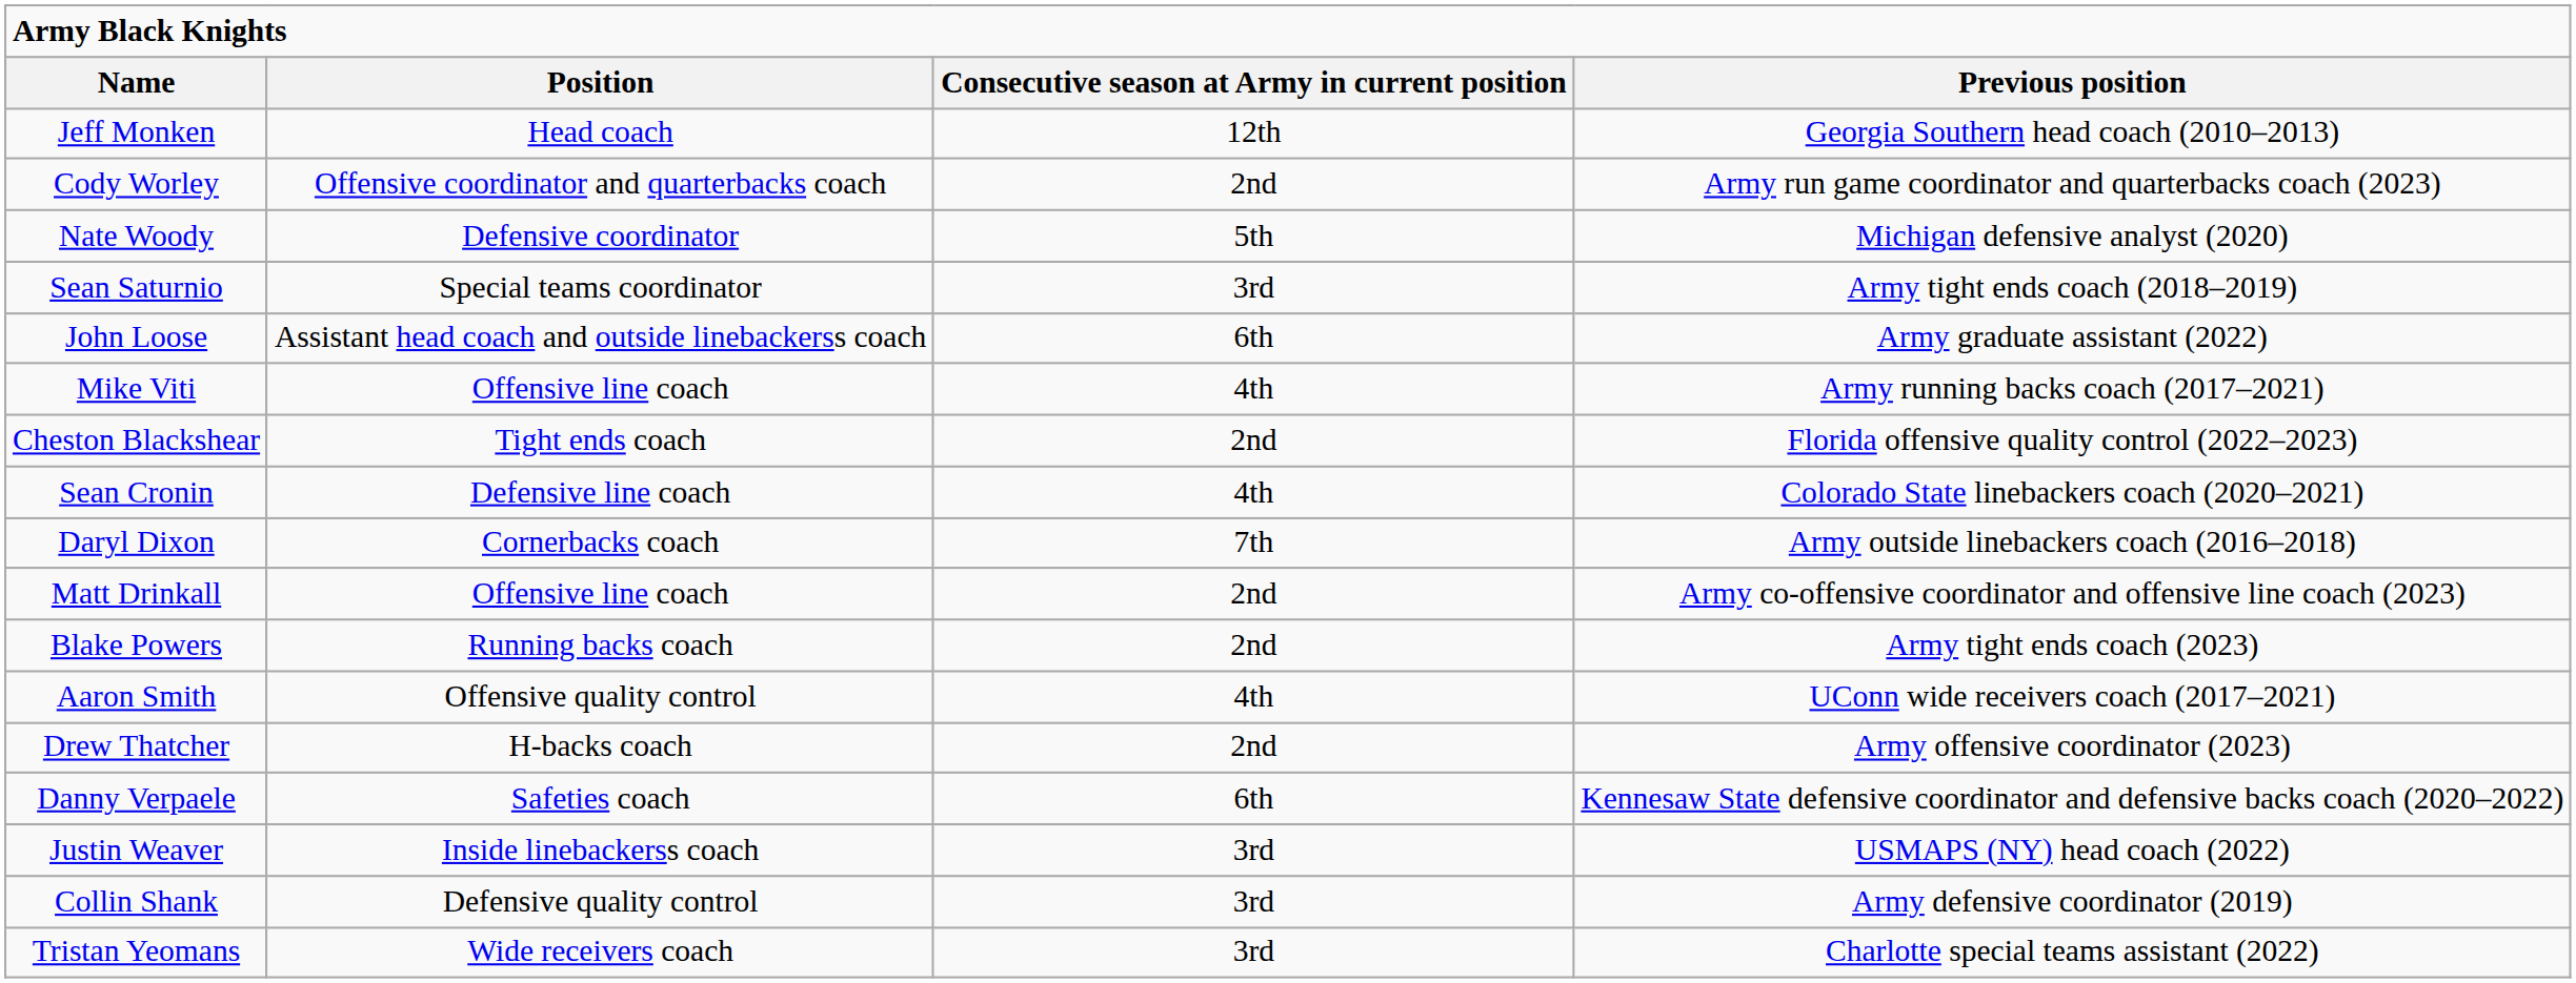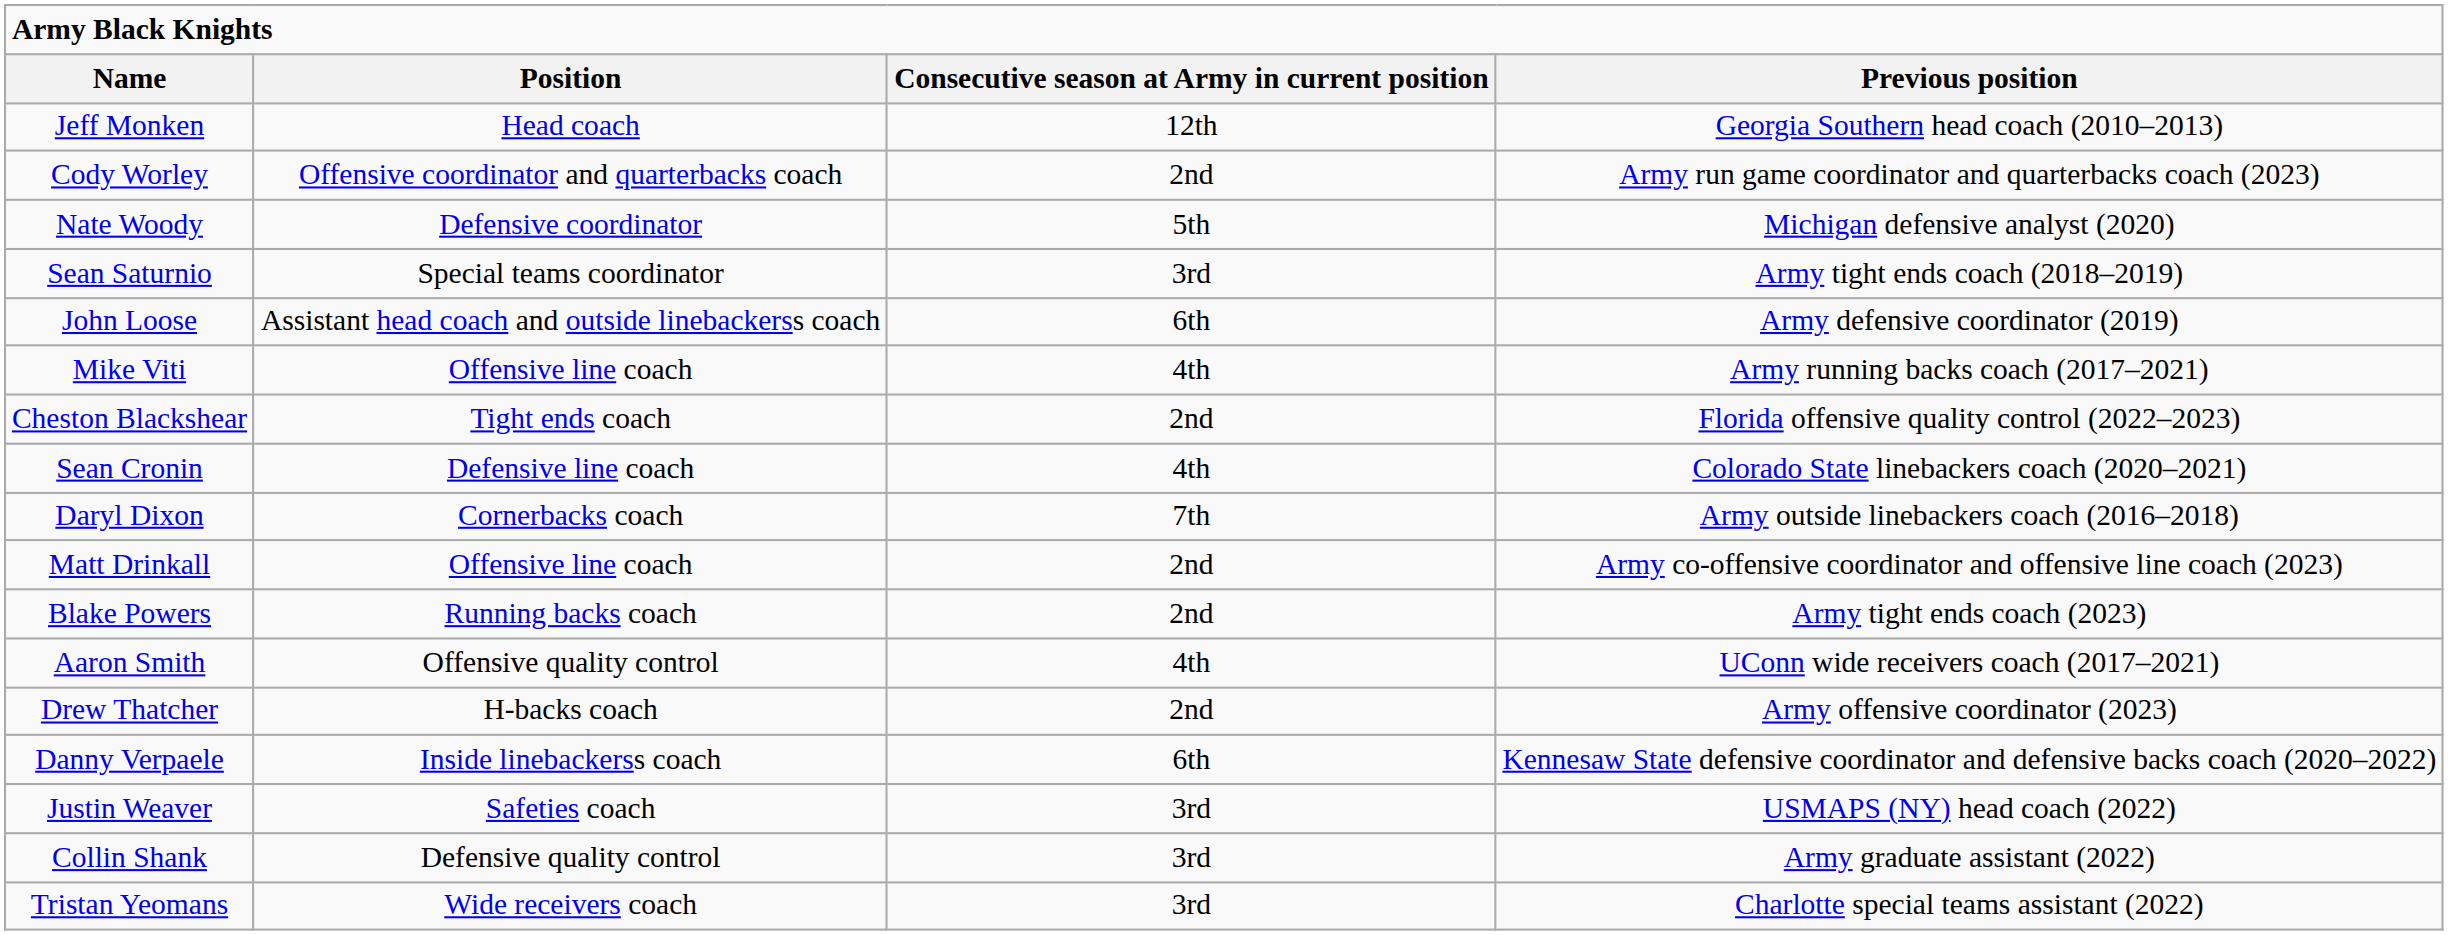 <table class="wikitable" style="font-size:90%;">
 <tr>
 <td colspan=5><strong>Army Black Knights</strong></td>
 </tr>
 <tr align="center";>
 <th>Name</th>
 <th>Position</th>
 <th>Consecutive season at Army in current position</th>
 <th>Previous position</th>
 </tr>
 <tr align="center";>
 <td><a href='#'>Jeff Monken</a></td>
 <td><a href='#'>Head coach</a></td>
 <td>12th</td>
 <td><a href='#'>Georgia Southern</a> head coach (2010–2013)</td>
 </tr>
 <tr align="center" ;>
 <td><a href='#'>Cody Worley</a></td>
 <td><a href='#'>Offensive coordinator</a> and <a href='#'>quarterbacks</a> coach</td>
 <td>2nd</td>
 <td><a href='#'>Army</a> run game coordinator and quarterbacks coach (2023)</td>
 </tr>
 <tr align="center" ;>
 <td><a href='#'>Nate Woody</a></td>
 <td><a href='#'>Defensive coordinator</a></td>
 <td>5th</td>
 <td><a href='#'>Michigan</a> defensive analyst (2020)</td>
 </tr>
 <tr align="center" ;>
 <td><a href='#'>Sean Saturnio</a></td>
 <td>Special teams coordinator</td>
 <td>3rd</td>
 <td><a href='#'>Army</a> tight ends coach (2018–2019)</td>
 </tr>
 <tr align="center" ;>
 <td><a href='#'>John Loose</a></td>
 <td>Assistant <a href='#'>head coach</a> and <a href='#'>outside linebackers</a>s coach</td>
 <td>6th</td>
-<td><a href='#'>Army</a> graduate assistant (2022)</td>
+<td><a href='#'>Army</a> defensive coordinator (2019)</td>
 </tr>
 <tr align="center" ;>
 <td><a href='#'>Mike Viti</a></td>
 <td><a href='#'>Offensive line</a> coach</td>
 <td>4th</td>
 <td><a href='#'>Army</a> running backs coach (2017–2021)</td>
 </tr>
 <tr align="center" ;>
 <td><a href='#'>Cheston Blackshear</a></td>
 <td><a href='#'>Tight ends</a> coach</td>
 <td>2nd</td>
 <td><a href='#'>Florida</a> offensive quality control (2022–2023)</td>
 </tr>
 <tr align="center" ;>
 <td><a href='#'>Sean Cronin</a></td>
 <td><a href='#'>Defensive line</a> coach</td>
 <td>4th</td>
 <td><a href='#'>Colorado State</a> linebackers coach (2020–2021)</td>
 </tr>
 <tr align="center" ;>
 <td><a href='#'>Daryl Dixon</a></td>
 <td><a href='#'>Cornerbacks</a> coach</td>
 <td>7th</td>
 <td><a href='#'>Army</a> outside linebackers coach (2016–2018)</td>
 </tr>
 <tr align="center" ;>
 <td><a href='#'>Matt Drinkall</a></td>
 <td><a href='#'>Offensive line</a> coach</td>
 <td>2nd</td>
 <td><a href='#'>Army</a> co-offensive coordinator and offensive line coach (2023)</td>
 </tr>
 <tr align="center" ;>
 <td><a href='#'>Blake Powers</a></td>
 <td><a href='#'>Running backs</a> coach</td>
 <td>2nd</td>
 <td><a href='#'>Army</a> tight ends coach (2023)</td>
 </tr>
 <tr align="center" ;>
 <td><a href='#'>Aaron Smith</a></td>
 <td>Offensive quality control</td>
 <td>4th</td>
 <td><a href='#'>UConn</a> wide receivers coach (2017–2021)</td>
 </tr>
 <tr align="center" ;>
 <td><a href='#'>Drew Thatcher</a></td>
 <td>H-backs coach</td>
 <td>2nd</td>
 <td><a href='#'>Army</a> offensive coordinator (2023)</td>
 </tr>
 <tr align="center" ;>
 <td><a href='#'>Danny Verpaele</a></td>
-<td><a href='#'>Safeties</a> coach</td>
+<td><a href='#'>Inside linebackers</a>s coach</td>
 <td>6th</td>
 <td><a href='#'>Kennesaw State</a> defensive coordinator and defensive backs coach (2020–2022)</td>
 </tr>
 <tr align="center" ;>
 <td><a href='#'>Justin Weaver</a></td>
-<td><a href='#'>Inside linebackers</a>s coach</td>
+<td><a href='#'>Safeties</a> coach</td>
 <td>3rd</td>
 <td><a href='#'>USMAPS (NY)</a> head coach (2022)</td>
 </tr>
 <tr align="center" ;>
 <td><a href='#'>Collin Shank</a></td>
 <td>Defensive quality control</td>
 <td>3rd</td>
-<td><a href='#'>Army</a> defensive coordinator (2019)</td>
+<td><a href='#'>Army</a> graduate assistant (2022)</td>
 </tr>
 <tr align="center" ;>
 <td><a href='#'>Tristan Yeomans</a></td>
 <td><a href='#'>Wide receivers</a> coach</td>
 <td>3rd</td>
 <td><a href='#'>Charlotte</a> special teams assistant (2022)</td>
 </tr>
 </table>
